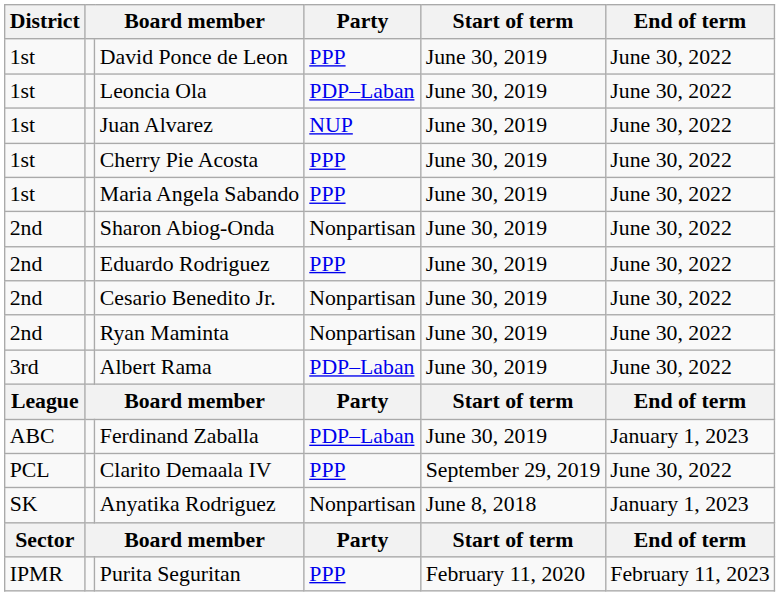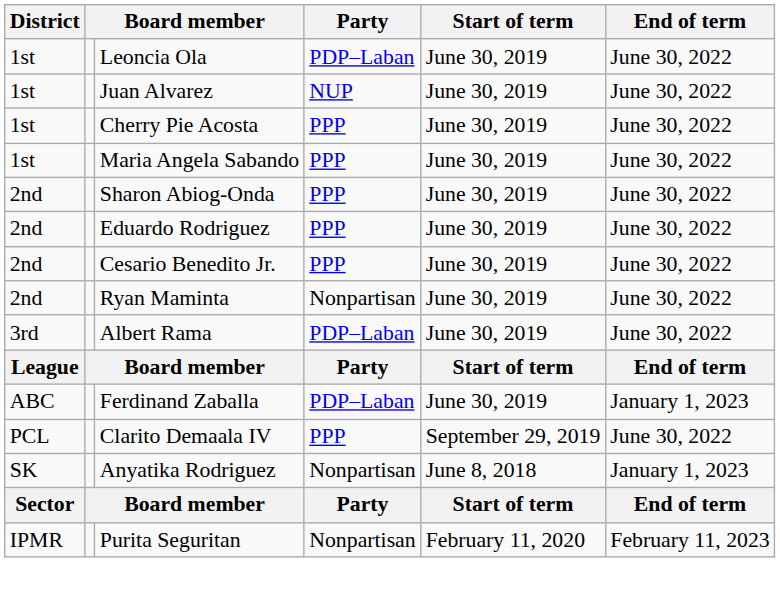 <table class="wikitable">
 <tr>
 <th>District</th>
 <th colspan="2">Board member</th>
 <th>Party</th>
 <th>Start of term</th>
 <th>End of term</th>
-</tr>
-<tr>
-<td>1st</td>
-<td></td>
-<td>David Ponce de Leon</td>
-<td><a href='#'>PPP</a></td>
-<td>June 30, 2019</td>
-<td>June 30, 2022</td>
 </tr>
 <tr>
 <td>1st</td>
 <td></td>
 <td>Leoncia Ola</td>
 <td><a href='#'>PDP–Laban</a></td>
 <td>June 30, 2019</td>
 <td>June 30, 2022</td>
 </tr>
 <tr>
 <td>1st</td>
 <td></td>
 <td>Juan Alvarez</td>
 <td><a href='#'>NUP</a></td>
 <td>June 30, 2019</td>
 <td>June 30, 2022</td>
 </tr>
 <tr>
 <td>1st</td>
 <td></td>
 <td>Cherry Pie Acosta</td>
 <td><a href='#'>PPP</a></td>
 <td>June 30, 2019</td>
 <td>June 30, 2022</td>
 </tr>
 <tr>
 <td>1st</td>
 <td></td>
 <td>Maria Angela Sabando</td>
 <td><a href='#'>PPP</a></td>
 <td>June 30, 2019</td>
 <td>June 30, 2022</td>
 </tr>
 <tr>
 <td>2nd</td>
 <td></td>
 <td>Sharon Abiog-Onda</td>
-<td>Nonpartisan</td>
+<td><a href='#'>PPP</a></td>
 <td>June 30, 2019</td>
 <td>June 30, 2022</td>
 </tr>
 <tr>
 <td>2nd</td>
 <td></td>
 <td>Eduardo Rodriguez</td>
 <td><a href='#'>PPP</a></td>
 <td>June 30, 2019</td>
 <td>June 30, 2022</td>
 </tr>
 <tr>
 <td>2nd</td>
 <td></td>
 <td>Cesario Benedito Jr.</td>
-<td>Nonpartisan</td>
+<td><a href='#'>PPP</a></td>
 <td>June 30, 2019</td>
 <td>June 30, 2022</td>
 </tr>
 <tr>
 <td>2nd</td>
 <td></td>
 <td>Ryan Maminta</td>
 <td>Nonpartisan</td>
 <td>June 30, 2019</td>
 <td>June 30, 2022</td>
 </tr>
 <tr>
 <td>3rd</td>
 <td></td>
 <td>Albert Rama</td>
 <td><a href='#'>PDP–Laban</a></td>
 <td>June 30, 2019</td>
 <td>June 30, 2022</td>
 </tr>
 <tr>
 <th>League</th>
 <th colspan="2">Board member</th>
 <th>Party</th>
 <th>Start of term</th>
 <th>End of term</th>
 </tr>
 <tr>
 <td>ABC</td>
 <td></td>
 <td>Ferdinand Zaballa</td>
 <td><a href='#'>PDP–Laban</a></td>
 <td>June 30, 2019</td>
 <td>January 1, 2023</td>
 </tr>
 <tr>
 <td>PCL</td>
 <td></td>
 <td>Clarito Demaala IV</td>
 <td><a href='#'>PPP</a></td>
 <td>September 29, 2019</td>
 <td>June 30, 2022</td>
 </tr>
 <tr>
 <td>SK</td>
 <td></td>
 <td>Anyatika Rodriguez</td>
 <td>Nonpartisan</td>
 <td>June 8, 2018</td>
 <td>January 1, 2023</td>
 </tr>
 <tr>
 <th>Sector</th>
 <th colspan="2">Board member</th>
 <th>Party</th>
 <th>Start of term</th>
 <th>End of term</th>
 </tr>
 <tr>
 <td>IPMR</td>
 <td></td>
 <td>Purita Seguritan</td>
-<td><a href='#'>PPP</a></td>
+<td>Nonpartisan</td>
 <td>February 11, 2020</td>
 <td>February 11, 2023</td>
 </tr>
 </table>
